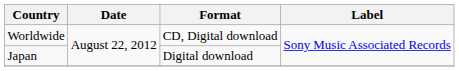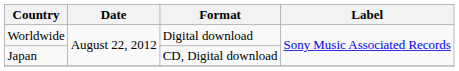 <table class="wikitable">
 <tr>
 <th>Country</th>
 <th>Date</th>
 <th>Format</th>
 <th>Label</th>
 </tr>
 <tr>
 <td rowspan="1">Worldwide</td>
 <td rowspan="2">August 22, 2012</td>
-<td>CD, Digital download</td>
+<td rowspan="1">Digital download</td>
 <td rowspan="2"><a href='#'>Sony Music Associated Records</a></td>
 </tr>
 <tr>
 <td rowspan="1">Japan</td>
-<td rowspan="1">Digital download</td>
+<td>CD, Digital download</td>
 </tr>
 <tr>
 </tr>
 </table>
